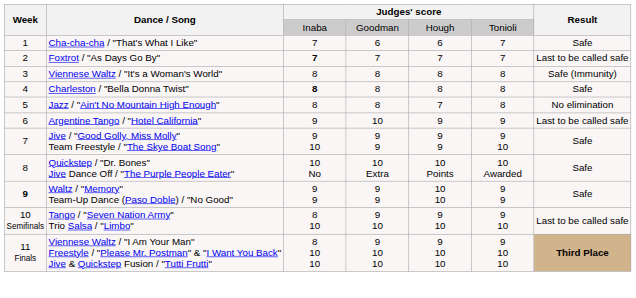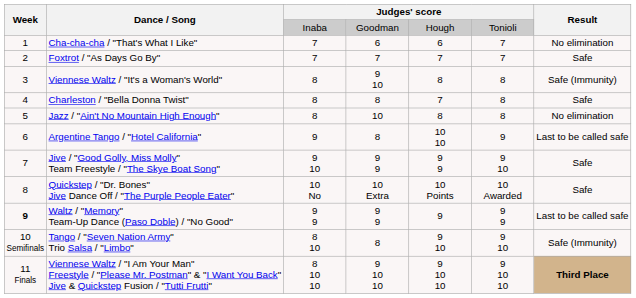 <table class="wikitable" style="text-align:center;">
 <tr style="text-align:center;">
 <th rowspan="2" bgcolor="#CCCCCC" align="center">Week</th>
 <th rowspan="2" bgcolor="#CCCCCC" align="center">Dance / Song</th>
 <th colspan="4" bgcolor="#CCCCCC" align="center">Judges' score</th>
 <th rowspan="2" bgcolor="#CCCCCC" align="center">Result</th>
 </tr>
 <tr>
 <td bgcolor="#CCCCCC" width="10%" align="center">Inaba</td>
 <td bgcolor="#CCCCCC" width="10%" align="center">Goodman</td>
 <td bgcolor="#CCCCCC" width="10%" align="center">Hough</td>
 <td bgcolor="#CCCCCC" width="10%" align="center">Tonioli</td>
 </tr>
 <tr>
 <td bgcolor="#FAF6F6">1</td>
 <td align="left" bgcolor="#FAF6F6"><a href='#'>Cha-cha-cha</a> / "That's What I Like"</td>
 <td bgcolor="#FAF6F6">7</td>
 <td bgcolor="#FAF6F6">6</td>
 <td bgcolor="#FAF6F6">6</td>
 <td bgcolor="#FAF6F6">7</td>
-<td bgcolor="#FAF6F6">Safe</td>
+<td bgcolor="#FAF6F6">No elimination</td>
 </tr>
 <tr>
 <td bgcolor="#FAF6F6">2</td>
 <td align="left" bgcolor="#FAF6F6"><a href='#'>Foxtrot</a> / "As Days Go By"</td>
-<td bgcolor="#FAF6F6"><strong>7</strong></td>
 <td bgcolor="#FAF6F6">7</td>
 <td bgcolor="#FAF6F6">7</td>
 <td bgcolor="#FAF6F6">7</td>
-<td bgcolor="#FAF6F6">Last to be called safe</td>
+<td bgcolor="#FAF6F6">7</td>
+<td bgcolor="#FAF6F6">Safe</td>
 </tr>
 <tr>
 <td bgcolor="#FAF6F6">3</td>
 <td align="left" bgcolor="#FAF6F6"><a href='#'>Viennese Waltz</a> / "It's a Woman's World"</td>
 <td bgcolor="#FAF6F6">8</td>
-<td bgcolor="#FAF6F6">8</td>
+<td bgcolor="#FAF6F6">9<br>10</td>
 <td bgcolor="#FAF6F6">8</td>
 <td bgcolor="#FAF6F6">8</td>
 <td bgcolor="#FAF6F6">Safe (Immunity)</td>
 </tr>
 <tr>
 <td bgcolor="#FAF6F6">4</td>
 <td align="left" bgcolor="#FAF6F6"><a href='#'>Charleston</a> / "Bella Donna Twist"</td>
-<td bgcolor="#FAF6F6"><strong>8</strong></td>
 <td bgcolor="#FAF6F6">8</td>
 <td bgcolor="#FAF6F6">8</td>
+<td bgcolor="#FAF6F6">7</td>
 <td bgcolor="#FAF6F6">8</td>
 <td bgcolor="#FAF6F6">Safe</td>
 </tr>
 <tr>
 <td bgcolor="#FAF6F6">5</td>
 <td align="left" bgcolor="#FAF6F6"><a href='#'>Jazz</a> / "<a href='#'>Ain't No Mountain High Enough</a>"</td>
 <td bgcolor="#FAF6F6">8</td>
+<td bgcolor="#FAF6F6">10</td>
 <td bgcolor="#FAF6F6">8</td>
-<td bgcolor="#FAF6F6">7</td>
 <td bgcolor="#FAF6F6">8</td>
 <td bgcolor="#FAF6F6">No elimination</td>
 </tr>
 <tr>
 <td bgcolor="#FAF6F6">6</td>
 <td align="left" bgcolor="#FAF6F6"><a href='#'>Argentine Tango</a> / "<a href='#'>Hotel California</a>"</td>
 <td bgcolor="#FAF6F6">9</td>
-<td bgcolor="#FAF6F6">10</td>
-<td bgcolor="#FAF6F6">9</td>
+<td bgcolor="#FAF6F6">8</td>
+<td bgcolor="#FAF6F6">10<br>10</td>
 <td bgcolor="#FAF6F6">9</td>
 <td bgcolor="#FAF6F6">Last to be called safe</td>
 </tr>
 <tr>
 <td bgcolor="#FAF6F6">7</td>
 <td align="left" bgcolor="#FAF6F6"><a href='#'>Jive</a> / "<a href='#'>Good Golly, Miss Molly</a>"<br>Team Freestyle / "<a href='#'>The Skye Boat Song</a>"</td>
 <td bgcolor="#FAF6F6">9<br>10</td>
 <td bgcolor="#FAF6F6">9<br>9</td>
 <td bgcolor="#FAF6F6">9<br>9</td>
 <td bgcolor="#FAF6F6">9<br>10</td>
 <td bgcolor="#FAF6F6">Safe</td>
 </tr>
 <tr>
 <td bgcolor="#FAF6F6">8</td>
 <td align="left" bgcolor="#FAF6F6"><a href='#'>Quickstep</a> / "Dr. Bones"<br><a href='#'>Jive</a> Dance Off / "<a href='#'>The Purple People Eater</a>"</td>
 <td bgcolor="#FAF6F6">10<br>No</td>
 <td bgcolor="#FAF6F6">10<br>Extra</td>
 <td bgcolor="#FAF6F6">10<br>Points</td>
 <td bgcolor="#FAF6F6">10<br>Awarded</td>
 <td bgcolor="#FAF6F6">Safe</td>
 </tr>
 <tr>
 <td bgcolor="#FAF6F6"><strong>9</strong></td>
 <td align="left" bgcolor="#FAF6F6"><a href='#'>Waltz</a> / "<a href='#'>Memory</a>"<br>Team-Up Dance (<a href='#'>Paso Doble</a>) / "No Good"</td>
 <td bgcolor="#FAF6F6">9<br>9</td>
 <td bgcolor="#FAF6F6">9<br>9</td>
-<td bgcolor="#FAF6F6">10<br>10</td>
+<td bgcolor="#FAF6F6">9</td>
 <td bgcolor="#FAF6F6">9<br>9</td>
-<td bgcolor="#FAF6F6">Safe</td>
+<td bgcolor="#FAF6F6">Last to be called safe</td>
 </tr>
 <tr>
 <td bgcolor="#FAF6F6">10<br><small>Semifinals</small></td>
 <td align="left" bgcolor="#FAF6F6"><a href='#'>Tango</a> / "<a href='#'>Seven Nation Army</a>"<br>Trio <a href='#'>Salsa</a> / "<a href='#'>Limbo</a>"</td>
 <td bgcolor="#FAF6F6">8<br>10</td>
+<td bgcolor="#FAF6F6">8</td>
 <td bgcolor="#FAF6F6">9<br>10</td>
 <td bgcolor="#FAF6F6">9<br>10</td>
-<td bgcolor="#FAF6F6">9<br>10</td>
-<td bgcolor="#FAF6F6">Last to be called safe</td>
+<td bgcolor="#FAF6F6">Safe (Immunity)</td>
 </tr>
 <tr>
 <td bgcolor="#FAF6F6">11<br><small>Finals</small></td>
 <td align="left" bgcolor="#FAF6F6"><a href='#'>Viennese Waltz</a> / "I Am Your Man"<br><a href='#'>Freestyle</a> / "<a href='#'>Please Mr. Postman</a>" & "<a href='#'>I Want You Back</a>"<br><a href='#'>Jive</a> & <a href='#'>Quickstep</a> Fusion / "<a href='#'>Tutti Frutti</a>"</td>
 <td bgcolor="#FAF6F6">8<br>10<br>10</td>
 <td bgcolor="#FAF6F6">9<br>10<br>10</td>
 <td bgcolor="#FAF6F6">9<br>10<br>10</td>
 <td bgcolor="#FAF6F6">9<br>10<br>10</td>
 <th style="background:tan;">Third Place</th>
 </tr>
 </table>
